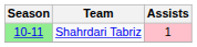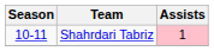 <table class="wikitable" style="text-align: center;">
 <tr>
 <th>Season</th>
 <th>Team</th>
 <th>Assists</th>
 </tr>
 <tr>
-<td style="background: lightgreen;"><a href='#'>10-11</a></td>
+<td><a href='#'>10-11</a></td>
 <td align="left"><a href='#'>Shahrdari Tabriz</a></td>
 <td style="background: pink;">1</td>
 </tr>
 <tr>
 </tr>
 </table>
